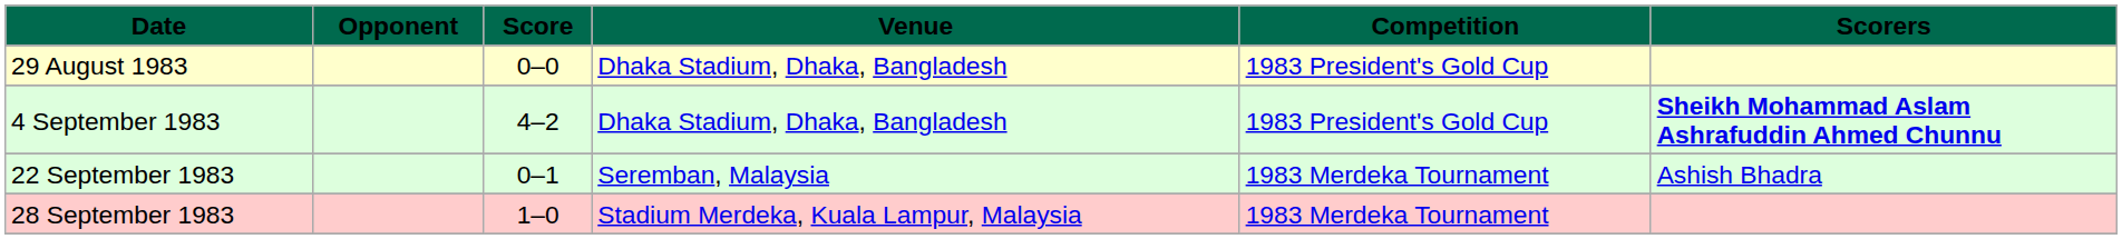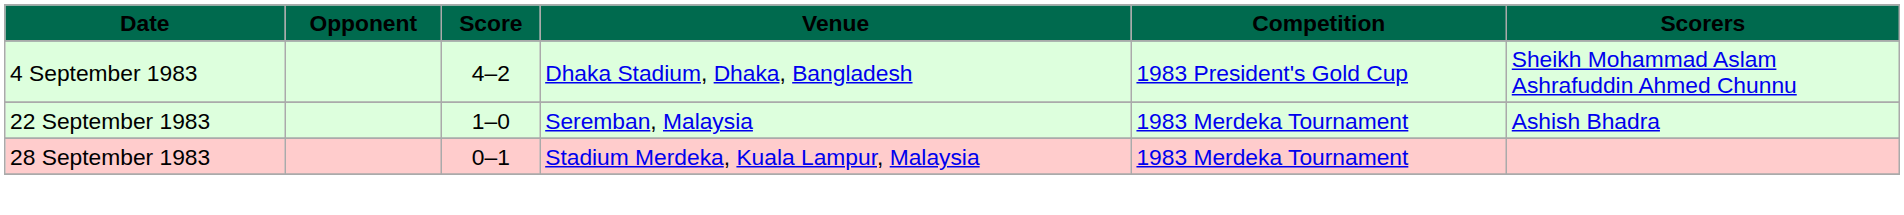 <table class="wikitable" width=100% style="text-align:left;font-size:95%;">
 <tr>
 <th style="background:#006a4e;"><span>Date</span></th>
 <th style="background:#006a4e;"><span>Opponent</span></th>
 <th style="background:#006a4e;"><span>Score</span></th>
 <th style="background:#006a4e;"><span>Venue</span></th>
 <th style="background:#006a4e;"><span>Competition</span></th>
 <th style="background:#006a4e;"><span>Scorers</span></th>
 </tr>
 <tr>
 </tr>
-<tr style="background:#ffc;">
-<td>29 August 1983</td>
-<td></td>
-<td style="text-align: center">0–0</td>
-<td> <a href='#'>Dhaka Stadium</a>, <a href='#'>Dhaka</a>, <a href='#'>Bangladesh</a></td>
-<td><a href='#'>1983 President's Gold Cup</a></td>
-<td></td>
-</tr>
 <tr>
 </tr>
 <tr style="background:#dfd;">
 <td>4 September 1983</td>
 <td></td>
 <td style="text-align: center">4–2</td>
 <td> <a href='#'>Dhaka Stadium</a>, <a href='#'>Dhaka</a>, <a href='#'>Bangladesh</a></td>
 <td><a href='#'>1983 President's Gold Cup</a></td>
-<td><strong><a href='#'>Sheikh Mohammad Aslam</a>  <br> <a href='#'>Ashrafuddin Ahmed Chunnu</a> </strong></td>
+<td><a href='#'>Sheikh Mohammad Aslam</a>  <br> <a href='#'>Ashrafuddin Ahmed Chunnu</a> </td>
 </tr>
 <tr>
 </tr>
 <tr style="background:#dfd;">
 <td>22 September 1983</td>
 <td></td>
-<td style="text-align: center">0–1</td>
+<td style="text-align: center">1–0</td>
 <td> <a href='#'>Seremban</a>, <a href='#'>Malaysia</a></td>
 <td><a href='#'>1983 Merdeka Tournament</a></td>
 <td><a href='#'>Ashish Bhadra</a> </td>
 </tr>
 <tr>
 </tr>
 <tr style="background:#fcc;">
 <td>28 September 1983</td>
 <td></td>
-<td style="text-align: center">1–0</td>
+<td style="text-align: center">0–1</td>
 <td> <a href='#'>Stadium Merdeka</a>, <a href='#'>Kuala Lampur</a>, <a href='#'>Malaysia</a></td>
 <td><a href='#'>1983 Merdeka Tournament</a></td>
 <td></td>
 </tr>
 <tr>
 </tr>
 </table>
